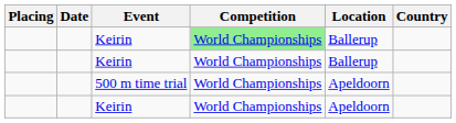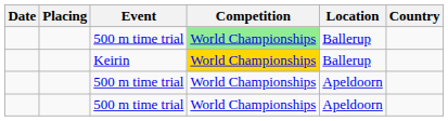 <table class="wikitable sortable">
 <tr>
+<th>Date</th>
 <th>Placing</th>
-<th>Date</th>
 <th>Event</th>
 <th>Competition</th>
 <th>Location</th>
 <th>Country</th>
 </tr>
 <tr>
 <td></td>
 <td></td>
-<td><a href='#'>Keirin</a></td>
+<td><a href='#'>500 m time trial</a></td>
 <td style="background: lightgreen;"><a href='#'>World Championships</a></td>
 <td><a href='#'>Ballerup</a></td>
 <td></td>
 </tr>
 <tr>
 <td></td>
 <td></td>
 <td><a href='#'>Keirin</a></td>
-<td><a href='#'>World Championships</a></td>
+<td style="background: gold;"><a href='#'>World Championships</a></td>
 <td><a href='#'>Ballerup</a></td>
 <td></td>
 </tr>
 <tr>
 <td></td>
 <td></td>
 <td><a href='#'>500 m time trial</a></td>
 <td><a href='#'>World Championships</a></td>
 <td><a href='#'>Apeldoorn</a></td>
 <td></td>
 </tr>
 <tr>
 <td></td>
 <td></td>
-<td><a href='#'>Keirin</a></td>
+<td><a href='#'>500 m time trial</a></td>
 <td><a href='#'>World Championships</a></td>
 <td><a href='#'>Apeldoorn</a></td>
 <td></td>
 </tr>
 </table>
